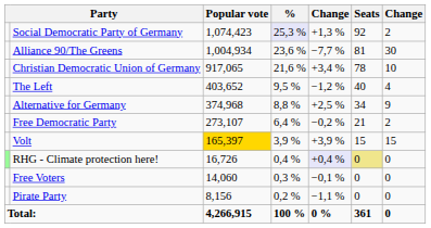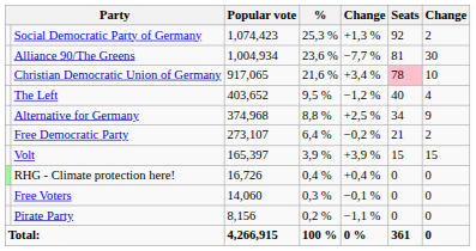 <table class="wikitable">
 <tr>
 <th colspan="2">Party</th>
 <th>Popular vote</th>
 <th>%</th>
 <th>Change</th>
 <th>Seats</th>
 <th>Change</th>
 </tr>
 <tr>
 <td style="background-color:"></td>
 <td><a href='#'>Social Democratic Party of Germany</a></td>
 <td>1,074,423</td>
-<td style="background: lavender;">25,3 %</td>
+<td>25,3 %</td>
 <td>+1,3 %</td>
 <td>92</td>
 <td>2</td>
 </tr>
 <tr>
 <td style="background-color:"></td>
 <td><a href='#'>Alliance 90/The Greens</a></td>
 <td>1,004,934</td>
 <td>23,6 %</td>
 <td>−7,7 %</td>
 <td>81</td>
 <td>30</td>
 </tr>
 <tr>
 <td style="background-color:"></td>
 <td><a href='#'>Christian Democratic Union of Germany</a></td>
 <td>917,065</td>
 <td>21,6 %</td>
 <td>+3,4 %</td>
-<td>78</td>
+<td style="background: pink;">78</td>
 <td>10</td>
 </tr>
 <tr>
 <td style="background-color:"></td>
 <td><a href='#'>The Left</a></td>
 <td>403,652</td>
 <td>9,5 %</td>
 <td>−1,2 %</td>
 <td>40</td>
 <td>4</td>
 </tr>
 <tr>
 <td style="background-color:"></td>
 <td><a href='#'>Alternative for Germany</a></td>
 <td>374,968</td>
 <td>8,8 %</td>
 <td>+2,5 %</td>
 <td>34</td>
 <td>9</td>
 </tr>
 <tr>
 <td style="background-color:"></td>
 <td><a href='#'>Free Democratic Party</a></td>
 <td>273,107</td>
 <td>6,4 %</td>
 <td>−0,2 %</td>
 <td>21</td>
 <td>2</td>
 </tr>
 <tr>
 <td style="background-color:"></td>
 <td><a href='#'>Volt</a></td>
-<td style="background: gold;">165,397</td>
+<td>165,397</td>
 <td>3,9 %</td>
 <td>+3,9 %</td>
 <td>15</td>
 <td>15</td>
 </tr>
 <tr>
 <td style="background-color:palegreen"></td>
 <td>RHG - Climate protection here!</td>
 <td>16,726</td>
 <td>0,4 %</td>
-<td style="background: lavender;">+0,4 %</td>
-<td style="background: khaki;">0</td>
+<td>+0,4 %</td>
+<td>0</td>
 <td>0</td>
 </tr>
 <tr>
 <td style="background-color:"></td>
 <td><a href='#'>Free Voters</a></td>
 <td>14,060</td>
 <td>0,3 %</td>
 <td>−0,1 %</td>
 <td>0</td>
 <td>0</td>
 </tr>
 <tr>
 <td style="background-color:"></td>
 <td><a href='#'>Pirate Party</a></td>
 <td>8,156</td>
 <td>0,2 %</td>
 <td>−1,1 %</td>
 <td>0</td>
 <td>0</td>
 </tr>
 <tr>
 <td colspan="2"><strong>Total:</strong></td>
 <td><strong>4,266,915</strong></td>
 <td><strong>100 %</strong></td>
 <td><strong>0 %</strong></td>
 <td><strong>361</strong></td>
 <td><strong>0</strong></td>
 </tr>
 </table>
